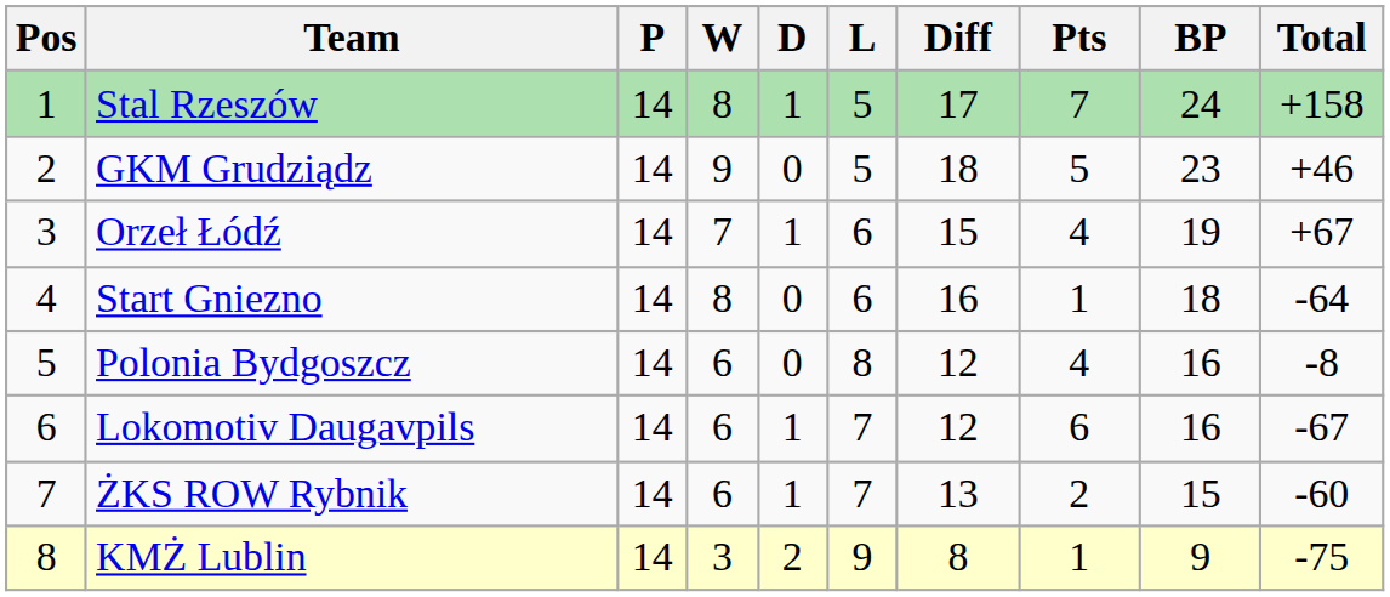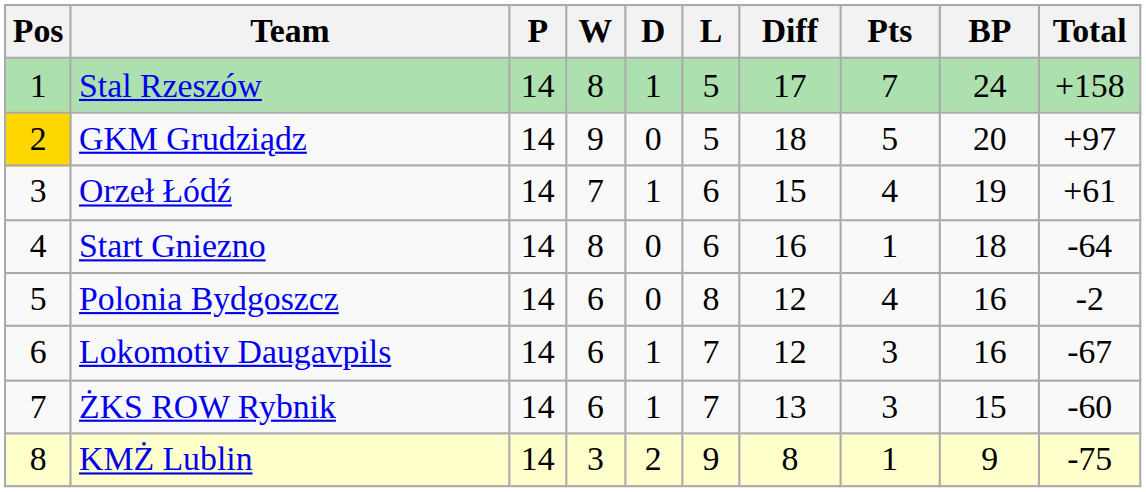 <table class="wikitable" style="font-size: 100%">
 <tr>
 <th width=20>Pos</th>
 <th width=200>Team</th>
 <th width=20>P</th>
 <th width=20>W</th>
 <th width=20>D</th>
 <th width=20>L</th>
 <th width=40>Diff</th>
 <th width=40>Pts</th>
 <th width=40>BP</th>
 <th width=40>Total</th>
 </tr>
 <tr align=center style="background:#ACE1AF;">
 <td>1</td>
 <td align="left"><a href='#'>Stal Rzeszów</a></td>
 <td>14</td>
 <td>8</td>
 <td>1</td>
 <td>5</td>
 <td>17</td>
 <td>7</td>
 <td>24</td>
 <td>+158</td>
 </tr>
 <tr align=center>
-<td>2</td>
+<td style="background: gold;">2</td>
 <td align="left"><a href='#'>GKM Grudziądz</a></td>
 <td>14</td>
 <td>9</td>
 <td>0</td>
 <td>5</td>
 <td>18</td>
 <td>5</td>
-<td>23</td>
-<td>+46</td>
+<td>20</td>
+<td>+97</td>
 </tr>
 <tr align=center>
 <td>3</td>
 <td align="left"><a href='#'>Orzeł Łódź</a></td>
 <td>14</td>
 <td>7</td>
 <td>1</td>
 <td>6</td>
 <td>15</td>
 <td>4</td>
 <td>19</td>
-<td>+67</td>
+<td>+61</td>
 </tr>
 <tr align=center>
 <td>4</td>
 <td align="left"><a href='#'>Start Gniezno</a></td>
 <td>14</td>
 <td>8</td>
 <td>0</td>
 <td>6</td>
 <td>16</td>
 <td>1</td>
 <td>18</td>
 <td>-64</td>
 </tr>
 <tr align=center>
 <td>5</td>
 <td align="left"><a href='#'>Polonia Bydgoszcz</a></td>
 <td>14</td>
 <td>6</td>
 <td>0</td>
 <td>8</td>
 <td>12</td>
 <td>4</td>
 <td>16</td>
-<td>-8</td>
+<td>-2</td>
 </tr>
 <tr align=center>
 <td>6</td>
 <td align="left"><a href='#'>Lokomotiv Daugavpils</a> </td>
 <td>14</td>
 <td>6</td>
 <td>1</td>
 <td>7</td>
 <td>12</td>
-<td>6</td>
+<td>3</td>
 <td>16</td>
 <td>-67</td>
 </tr>
 <tr align=center>
 <td>7</td>
 <td align="left"><a href='#'>ŻKS ROW Rybnik</a></td>
 <td>14</td>
 <td>6</td>
 <td>1</td>
 <td>7</td>
 <td>13</td>
-<td>2</td>
+<td>3</td>
 <td>15</td>
 <td>-60</td>
 </tr>
 <tr align=center style="background: #ffffcc;">
 <td>8</td>
 <td align="left"><a href='#'>KMŻ Lublin</a></td>
 <td>14</td>
 <td>3</td>
 <td>2</td>
 <td>9</td>
 <td>8</td>
 <td>1</td>
 <td>9</td>
 <td>-75</td>
 </tr>
 </table>
